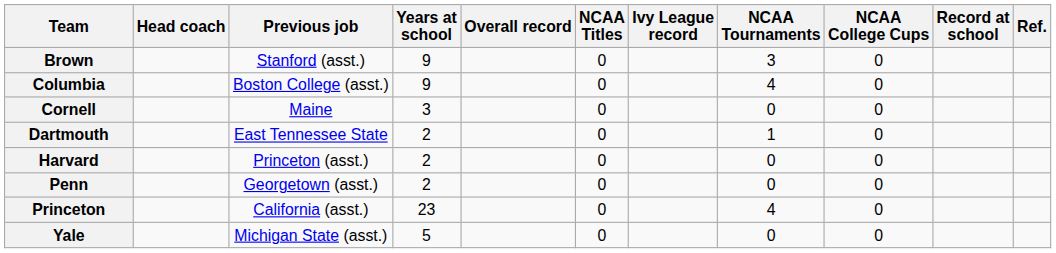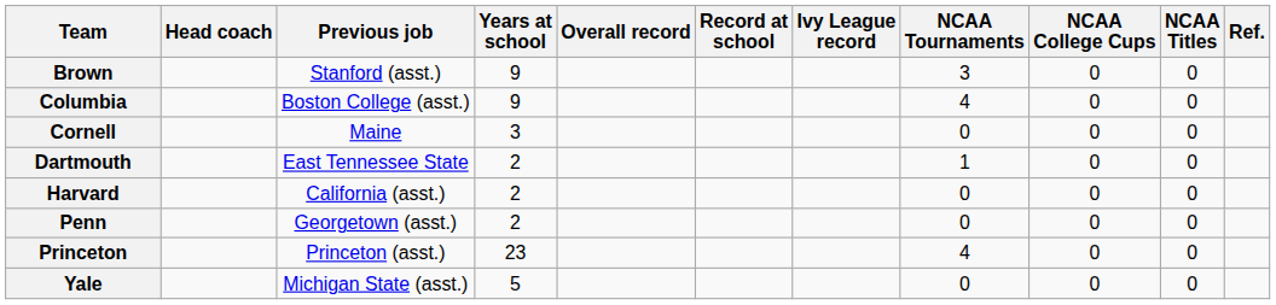 <table class="wikitable sortable" style="text-align: center;font-size:90%;">
 <tr>
 <th width="110">Team</th>
 <th>Head coach</th>
 <th>Previous job</th>
 <th>Years at<br>school</th>
 <th>Overall record</th>
-<th>NCAA<br>Titles</th>
+<th>Record at<br>school</th>
 <th>Ivy League<br>record</th>
 <th>NCAA<br>Tournaments</th>
 <th>NCAA<br>College Cups</th>
-<th>Record at<br>school</th>
+<th>NCAA<br>Titles</th>
 <th class="unsortable">Ref.</th>
 </tr>
 <tr>
 <th>Brown</th>
 <td></td>
 <td><a href='#'>Stanford</a> (asst.)</td>
 <td>9</td>
 <td></td>
-<td>0</td>
+<td></td>
 <td></td>
 <td>3</td>
 <td>0</td>
-<td></td>
+<td>0</td>
 <td></td>
 </tr>
 <tr>
 <th>Columbia</th>
 <td></td>
 <td><a href='#'>Boston College</a> (asst.)</td>
 <td>9</td>
 <td></td>
-<td>0</td>
+<td></td>
 <td></td>
 <td>4</td>
 <td>0</td>
-<td></td>
+<td>0</td>
 <td></td>
 </tr>
 <tr>
 <th>Cornell</th>
 <td></td>
 <td><a href='#'>Maine</a></td>
 <td>3</td>
 <td></td>
-<td>0</td>
+<td></td>
 <td></td>
 <td>0</td>
 <td>0</td>
-<td></td>
+<td>0</td>
 <td></td>
 </tr>
 <tr>
 <th>Dartmouth</th>
 <td></td>
 <td><a href='#'>East Tennessee State</a></td>
 <td>2</td>
 <td></td>
-<td>0</td>
+<td></td>
 <td></td>
 <td>1</td>
 <td>0</td>
-<td></td>
+<td>0</td>
 <td></td>
 </tr>
 <tr>
 <th>Harvard</th>
 <td></td>
-<td><a href='#'>Princeton</a> (asst.)</td>
+<td><a href='#'>California</a> (asst.)</td>
 <td>2</td>
 <td></td>
-<td>0</td>
+<td></td>
 <td></td>
 <td>0</td>
 <td>0</td>
-<td></td>
+<td>0</td>
 <td></td>
 </tr>
 <tr>
 <th>Penn</th>
 <td></td>
 <td><a href='#'>Georgetown</a> (asst.)</td>
 <td>2</td>
 <td></td>
-<td>0</td>
+<td></td>
 <td></td>
 <td>0</td>
 <td>0</td>
-<td></td>
+<td>0</td>
 <td></td>
 </tr>
 <tr>
 <th>Princeton</th>
 <td></td>
-<td><a href='#'>California</a> (asst.)</td>
+<td><a href='#'>Princeton</a> (asst.)</td>
 <td>23</td>
 <td></td>
-<td>0</td>
+<td></td>
 <td></td>
 <td>4</td>
 <td>0</td>
-<td></td>
+<td>0</td>
 <td></td>
 </tr>
 <tr>
 <th>Yale</th>
 <td></td>
 <td><a href='#'>Michigan State</a> (asst.)</td>
 <td>5</td>
 <td></td>
-<td>0</td>
+<td></td>
 <td></td>
 <td>0</td>
 <td>0</td>
-<td></td>
+<td>0</td>
 <td></td>
 </tr>
 </table>
